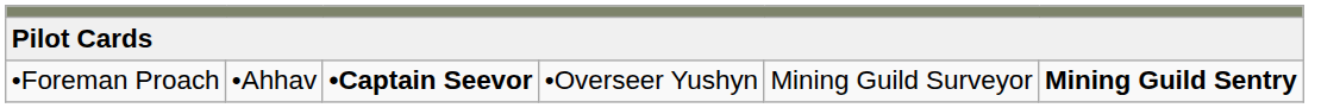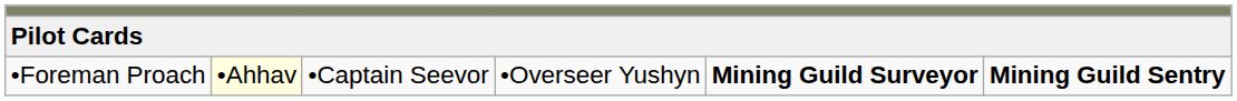 <table class="wikitable sortable">
 <tr style="background:#7D836A;">
 <td colspan="6"></td>
 </tr>
 <tr style="background:#f0f0f0;">
 <td colspan="7"><strong>Pilot Cards</strong></td>
 </tr>
 <tr>
 <td>•Foreman Proach</td>
-<td>•Ahhav</td>
-<td><strong>•Captain Seevor</strong></td>
+<td style="background: lightyellow;">•Ahhav</td>
+<td>•Captain Seevor</td>
 <td>•Overseer Yushyn</td>
-<td>Mining Guild Surveyor</td>
+<td><strong>Mining Guild Surveyor</strong></td>
 <td><strong>Mining Guild Sentry</strong></td>
 </tr>
 </table>
